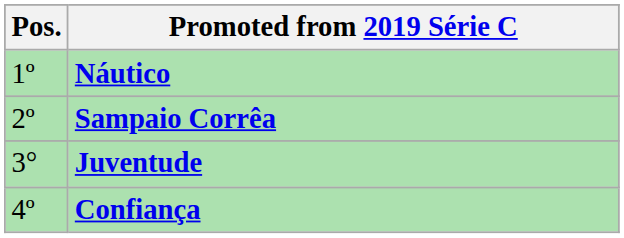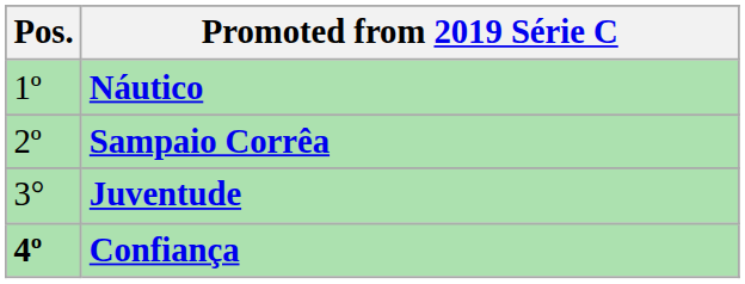 <table class="wikitable">
 <tr>
 <th align="center">Pos.</th>
 <th width="300">Promoted from <a href='#'>2019 Série C</a></th>
 </tr>
 <tr style="background: #ACE1AF;">
 <td>1º</td>
 <td><strong><a href='#'>Náutico</a></strong></td>
 </tr>
 <tr style="background: #ACE1AF;">
 <td>2º</td>
 <td><strong><a href='#'>Sampaio Corrêa</a></strong></td>
 </tr>
 <tr style="background: #ACE1AF;">
 <td>3°</td>
 <td><strong><a href='#'>Juventude</a></strong></td>
 </tr>
 <tr style="background: #ACE1AF;">
-<td>4º</td>
+<td><strong>4º</strong></td>
 <td><strong><a href='#'>Confiança</a></strong></td>
 </tr>
 </table>
